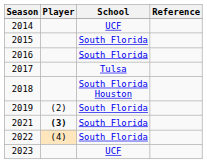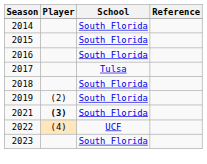 <table class="wikitable sortable">
 <tr>
 <th>Season</th>
 <th>Player</th>
 <th>School</th>
 <th class="unsortable">Reference</th>
 </tr>
 <tr align=center>
 </tr>
 <tr align=center>
 <td>2014</td>
 <td></td>
-<td><a href='#'>UCF</a></td>
+<td><a href='#'>South Florida</a></td>
 <td style="text-align:center;"></td>
 </tr>
 <tr align=center>
 <td>2015</td>
 <td></td>
 <td><a href='#'>South Florida</a></td>
 <td style="text-align:center;"></td>
 </tr>
 <tr align=center>
 <td>2016</td>
 <td></td>
 <td><a href='#'>South Florida</a></td>
 <td style="text-align:center;"></td>
 </tr>
 <tr align=center>
 <td>2017</td>
 <td></td>
 <td><a href='#'>Tulsa</a></td>
 <td style="text-align:center;"></td>
 </tr>
 <tr align=center>
 <td>2018</td>
 <td><br></td>
-<td><a href='#'>South Florida</a><br><a href='#'>Houston</a></td>
+<td><a href='#'>South Florida</a></td>
 <td style="text-align:center;"></td>
 </tr>
 <tr align=center>
 <td>2019</td>
 <td> (2)</td>
 <td><a href='#'>South Florida</a></td>
 <td style="text-align:center;"></td>
 </tr>
 <tr align=center>
 <td>2021</td>
 <td><strong> (3)</strong></td>
 <td><a href='#'>South Florida</a></td>
 <td style="text-align:center;"></td>
 </tr>
 <tr align=center>
 <td>2022</td>
 <td style="background:#ffe6bd;"> (4)</td>
-<td><a href='#'>South Florida</a></td>
+<td><a href='#'>UCF</a></td>
 <td style="text-align:center;"></td>
 </tr>
 <tr align=center>
 <td>2023</td>
 <td></td>
-<td><a href='#'>UCF</a></td>
+<td><a href='#'>South Florida</a></td>
 <td style="text-align:center;"></td>
 </tr>
 </table>
